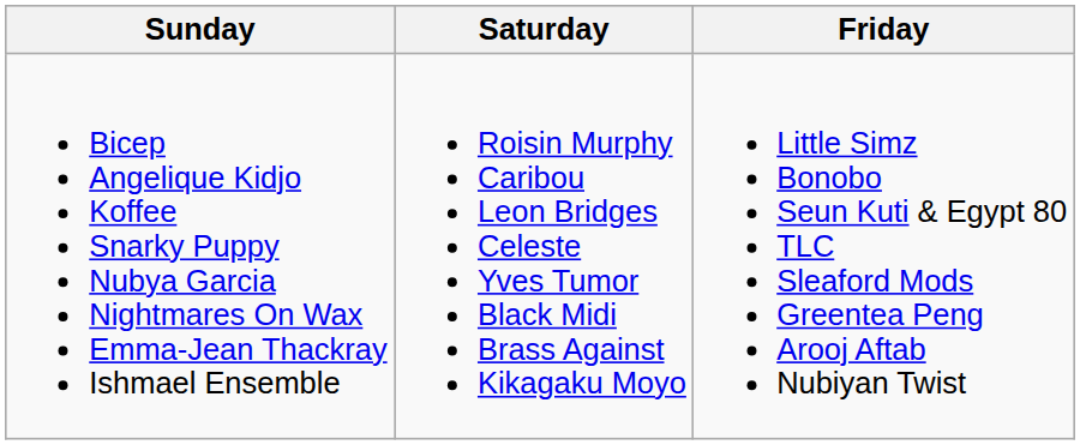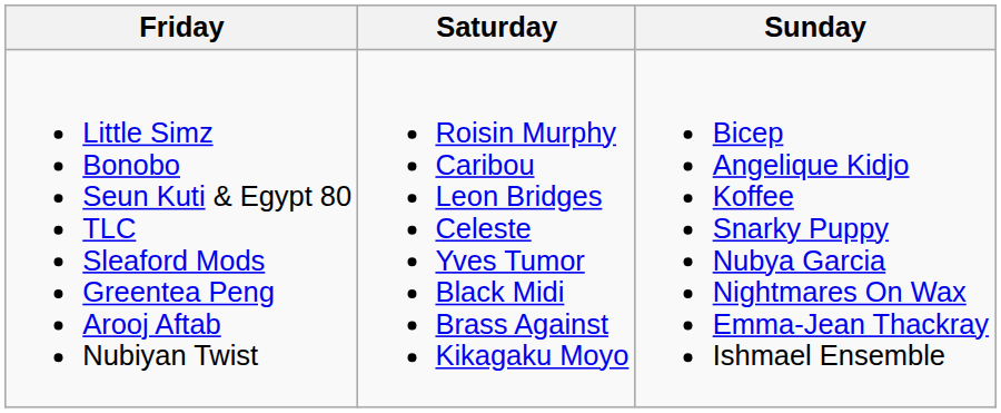 <table class="wikitable">
 <tr>
+<th>Friday</th>
+<th>Saturday</th>
 <th>Sunday</th>
-<th>Saturday</th>
-<th>Friday</th>
 </tr>
 <tr>
+<td><br><ul><li><a href='#'>Little Simz</a></li><li><a href='#'>Bonobo</a></li><li><a href='#'>Seun Kuti</a> & Egypt 80</li><li><a href='#'>TLC</a></li><li><a href='#'>Sleaford Mods</a></li><li><a href='#'>Greentea Peng</a></li><li><a href='#'>Arooj Aftab</a></li><li>Nubiyan Twist</li></ul></td>
+<td><br><ul><li><a href='#'>Roisin Murphy</a></li><li><a href='#'>Caribou</a></li><li><a href='#'>Leon Bridges</a></li><li><a href='#'>Celeste</a></li><li><a href='#'>Yves Tumor</a></li><li><a href='#'>Black Midi</a></li><li><a href='#'>Brass Against</a></li><li><a href='#'>Kikagaku Moyo</a></li></ul></td>
 <td><br><ul><li><a href='#'>Bicep</a></li><li><a href='#'>Angelique Kidjo</a></li><li><a href='#'>Koffee</a></li><li><a href='#'>Snarky Puppy</a></li><li><a href='#'>Nubya Garcia</a></li><li><a href='#'>Nightmares On Wax</a></li><li><a href='#'>Emma-Jean Thackray</a></li><li>Ishmael Ensemble</li></ul></td>
-<td><br><ul><li><a href='#'>Roisin Murphy</a></li><li><a href='#'>Caribou</a></li><li><a href='#'>Leon Bridges</a></li><li><a href='#'>Celeste</a></li><li><a href='#'>Yves Tumor</a></li><li><a href='#'>Black Midi</a></li><li><a href='#'>Brass Against</a></li><li><a href='#'>Kikagaku Moyo</a></li></ul></td>
-<td><br><ul><li><a href='#'>Little Simz</a></li><li><a href='#'>Bonobo</a></li><li><a href='#'>Seun Kuti</a> & Egypt 80</li><li><a href='#'>TLC</a></li><li><a href='#'>Sleaford Mods</a></li><li><a href='#'>Greentea Peng</a></li><li><a href='#'>Arooj Aftab</a></li><li>Nubiyan Twist</li></ul></td>
 </tr>
 </table>
